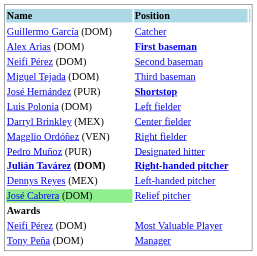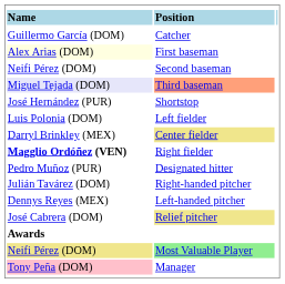 <table cellpadding="1" width="350px" style="font-size: 90%; border: 1px solid gray;">
 <tr align="center" style="font-size: larger;">
 <td colspan=6></td>
 </tr>
 <tr style="background:lightblue;">
 <td><strong>Name</strong></td>
 <td><strong>Position</strong></td>
 <td></td>
 </tr>
 <tr align="center" style="vertical-align: middle;" style="background:lightblue;">
 </tr>
 <tr>
 <td><a href='#'>Guillermo García</a> (DOM)</td>
 <td><a href='#'>Catcher</a></td>
 </tr>
 <tr>
-<td><a href='#'>Alex Arias</a> (DOM)</td>
-<td><strong><a href='#'>First baseman</a></strong></td>
+<td style="background: lightyellow;"><a href='#'>Alex Arias</a> (DOM)</td>
+<td><a href='#'>First baseman</a></td>
 </tr>
 <tr>
 <td><a href='#'>Neifi Pérez</a> (DOM)</td>
 <td><a href='#'>Second baseman</a></td>
 </tr>
 <tr>
-<td><a href='#'>Miguel Tejada</a> (DOM)</td>
-<td><a href='#'>Third baseman</a></td>
+<td style="background: lavender;"><a href='#'>Miguel Tejada</a> (DOM)</td>
+<td style="background: lightsalmon;"><a href='#'>Third baseman</a></td>
 </tr>
 <tr>
 <td><a href='#'>José Hernández</a> (PUR)</td>
-<td><strong><a href='#'>Shortstop</a></strong></td>
+<td><a href='#'>Shortstop</a></td>
 </tr>
 <tr>
 <td><a href='#'>Luis Polonia</a> (DOM)</td>
 <td><a href='#'>Left fielder</a></td>
 </tr>
 <tr>
 <td><a href='#'>Darryl Brinkley</a> (MEX)</td>
-<td><a href='#'>Center fielder</a></td>
+<td style="background: khaki;"><a href='#'>Center fielder</a></td>
 </tr>
 <tr>
-<td><a href='#'>Magglio Ordóñez</a> (VEN)</td>
+<td><strong><a href='#'>Magglio Ordóñez</a> (VEN)</strong></td>
 <td><a href='#'>Right fielder</a></td>
 </tr>
 <tr>
 <td><a href='#'>Pedro Muñoz</a> (PUR)</td>
 <td><a href='#'>Designated hitter</a></td>
 </tr>
 <tr>
-<td><strong><a href='#'>Julián Tavárez</a> (DOM)</strong></td>
-<td><strong><a href='#'>Right-handed pitcher</a></strong></td>
+<td><a href='#'>Julián Tavárez</a> (DOM)</td>
+<td><a href='#'>Right-handed pitcher</a></td>
 </tr>
 <tr>
 <td><a href='#'>Dennys Reyes</a> (MEX)</td>
 <td><a href='#'>Left-handed pitcher</a></td>
 </tr>
 <tr>
-<td style="background: lightgreen;"><a href='#'>José Cabrera</a> (DOM)</td>
-<td><a href='#'>Relief pitcher</a></td>
+<td><a href='#'>José Cabrera</a> (DOM)</td>
+<td style="background: khaki;"><a href='#'>Relief pitcher</a></td>
 </tr>
 <tr>
 <td><strong>Awards</strong></td>
 </tr>
 <tr>
-<td><a href='#'>Neifi Pérez</a> (DOM)</td>
-<td><a href='#'>Most Valuable Player</a></td>
+<td style="background: khaki;"><a href='#'>Neifi Pérez</a> (DOM)</td>
+<td style="background: lightgreen;"><a href='#'>Most Valuable Player</a></td>
 </tr>
 <tr>
-<td><a href='#'>Tony Peña</a> (DOM)</td>
+<td style="background: pink;"><a href='#'>Tony Peña</a> (DOM)</td>
 <td><a href='#'>Manager</a></td>
 </tr>
 <tr>
 </tr>
 </table>
